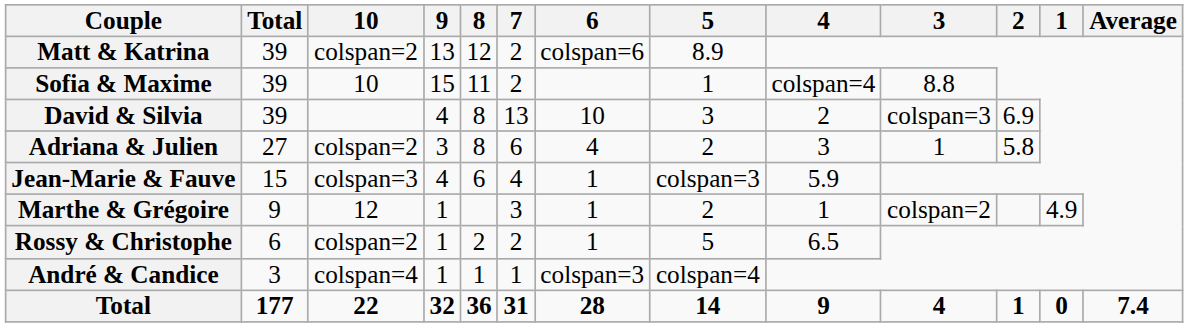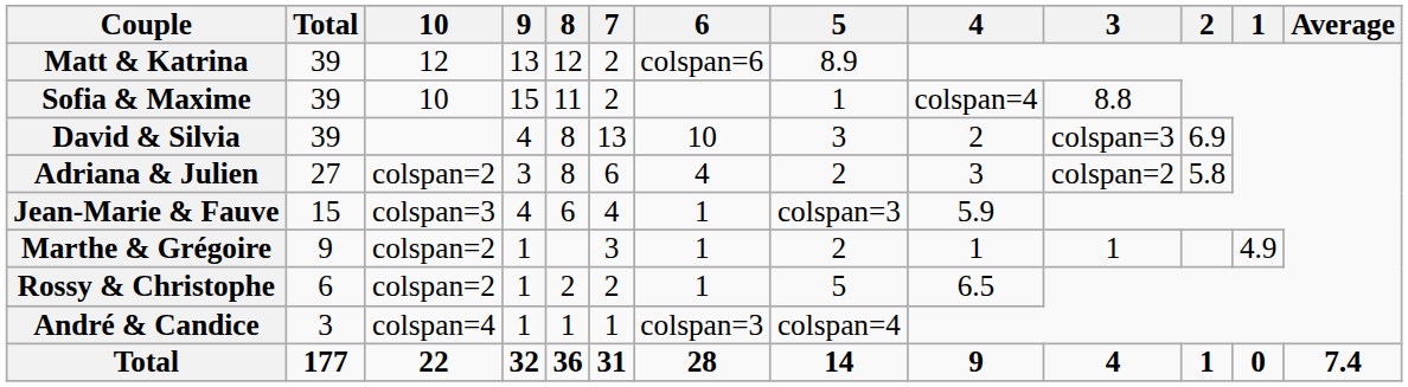 <table class="wikitable sortable collapsible" style="margin:auto; font-size:95%; line-height:12px; text-align:center">
 <tr>
 <th>Couple</th>
 <th>Total</th>
 <th>10</th>
 <th>9</th>
 <th>8</th>
 <th>7</th>
 <th>6</th>
 <th>5</th>
 <th>4</th>
 <th>3</th>
 <th>2</th>
 <th>1</th>
 <th>Average</th>
 </tr>
 <tr>
 <th>Matt & Katrina</th>
 <td>39</td>
-<td>colspan=2 </td>
+<td>12</td>
 <td>13</td>
 <td>12</td>
 <td>2</td>
 <td>colspan=6 </td>
 <td>8.9</td>
 </tr>
 <tr>
 <th>Sofia & Maxime</th>
 <td>39</td>
 <td>10</td>
 <td>15</td>
 <td>11</td>
 <td>2</td>
 <td></td>
 <td>1</td>
 <td>colspan=4 </td>
 <td>8.8</td>
 </tr>
 <tr>
 <th>David & Silvia</th>
 <td>39</td>
 <td></td>
 <td>4</td>
 <td>8</td>
 <td>13</td>
 <td>10</td>
 <td>3</td>
 <td>2</td>
 <td>colspan=3 </td>
 <td>6.9</td>
 </tr>
 <tr>
 <th>Adriana & Julien</th>
 <td>27</td>
 <td>colspan=2 </td>
 <td>3</td>
 <td>8</td>
 <td>6</td>
 <td>4</td>
 <td>2</td>
 <td>3</td>
-<td>1</td>
+<td>colspan=2 </td>
 <td>5.8</td>
 </tr>
 <tr>
 <th>Jean-Marie & Fauve</th>
 <td>15</td>
 <td>colspan=3 </td>
 <td>4</td>
 <td>6</td>
 <td>4</td>
 <td>1</td>
 <td>colspan=3 </td>
 <td>5.9</td>
 </tr>
 <tr>
 <th>Marthe & Grégoire</th>
 <td>9</td>
-<td>12</td>
+<td>colspan=2 </td>
 <td>1</td>
 <td></td>
 <td>3</td>
 <td>1</td>
 <td>2</td>
 <td>1</td>
-<td>colspan=2 </td>
+<td>1</td>
 <td></td>
 <td>4.9</td>
 </tr>
 <tr>
 <th>Rossy & Christophe</th>
 <td>6</td>
 <td>colspan=2 </td>
 <td>1</td>
 <td>2</td>
 <td>2</td>
 <td>1</td>
 <td>5</td>
 <td>6.5</td>
 </tr>
 <tr>
 <th>André & Candice</th>
 <td>3</td>
 <td>colspan=4 </td>
 <td>1</td>
 <td>1</td>
 <td>1</td>
 <td>colspan=3 </td>
 <td>colspan=4 </td>
 </tr>
 <tr>
 <th>Total</th>
 <td><strong>177</strong></td>
 <td><strong>22</strong></td>
 <td><strong>32</strong></td>
 <td><strong>36</strong></td>
 <td><strong>31</strong></td>
 <td><strong>28</strong></td>
 <td><strong>14</strong></td>
 <td><strong>9</strong></td>
 <td><strong>4</strong></td>
 <td><strong>1</strong></td>
 <td><strong>0</strong></td>
 <td><strong>7.4</strong></td>
 </tr>
 </table>
